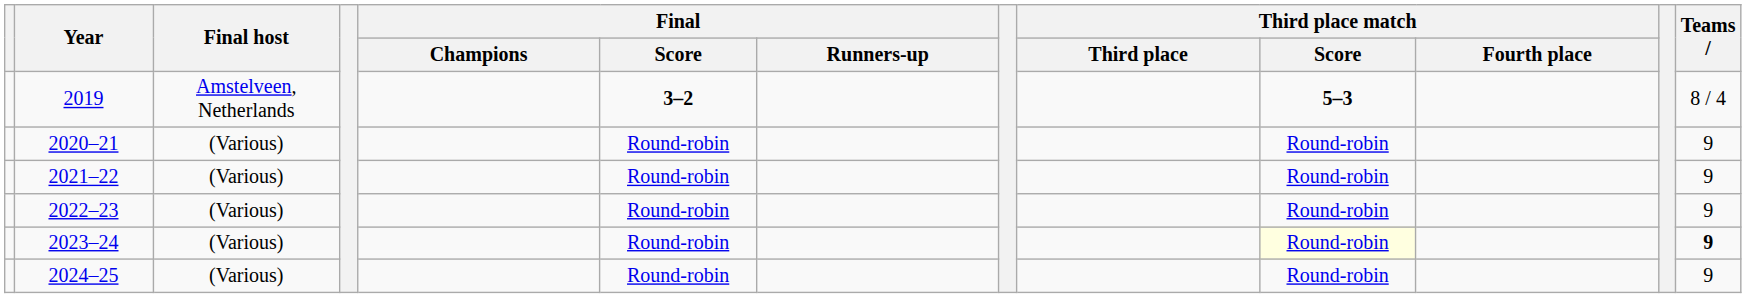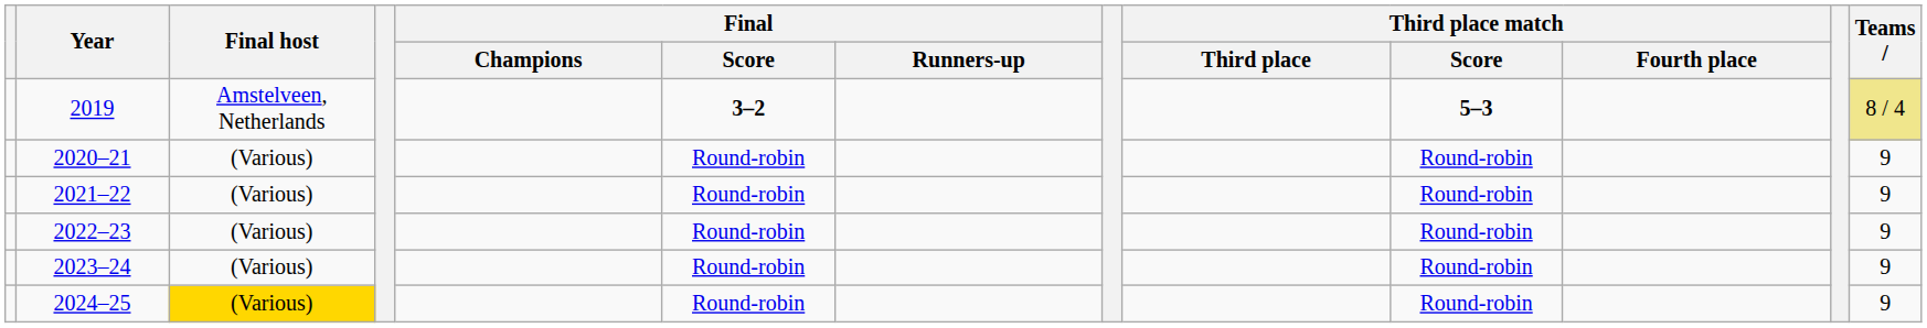 <table class="wikitable" style="font-size:90%; width: %; text-align: center;">
 <tr>
 <th rowspan="2" width=" %"></th>
 <th rowspan="2" width="8%">Year</th>
 <th rowspan="2" width=" %">Final host</th>
 <th rowspan="8" width="1%"></th>
 <th colspan="3">Final</th>
 <th rowspan="8" width="1%"></th>
 <th colspan="3">Third place match</th>
 <th rowspan="8" width="1%"></th>
 <th rowspan="2" width=" %">Teams<br> / </th>
 </tr>
 <tr>
 <th width=14%>Champions</th>
 <th width=9%>Score</th>
 <th width=14%>Runners-up</th>
 <th width=14%>Third place</th>
 <th width=9%>Score</th>
 <th width=14%>Fourth place</th>
 </tr>
 <tr>
 <td></td>
 <td><a href='#'>2019</a></td>
 <td><a href='#'>Amstelveen</a>, Netherlands</td>
 <td><strong></strong></td>
 <td><strong>3–2</strong></td>
 <td></td>
 <td></td>
 <td><strong>5–3</strong></td>
 <td></td>
-<td>8 / 4</td>
+<td style="background: khaki;">8 / 4</td>
 </tr>
 <tr>
 <td></td>
 <td><a href='#'>2020–21</a></td>
 <td>(Various)</td>
 <td><strong></strong></td>
 <td><a href='#'>Round-robin</a></td>
 <td></td>
 <td></td>
 <td><a href='#'>Round-robin</a></td>
 <td></td>
 <td>9</td>
 </tr>
 <tr>
 <td></td>
 <td><a href='#'>2021–22</a></td>
 <td>(Various)</td>
 <td><strong></strong></td>
 <td><a href='#'>Round-robin</a></td>
 <td></td>
 <td></td>
 <td><a href='#'>Round-robin</a></td>
 <td></td>
 <td>9</td>
 </tr>
 <tr>
 <td></td>
 <td><a href='#'>2022–23</a></td>
 <td>(Various)</td>
 <td><strong></strong></td>
 <td><a href='#'>Round-robin</a></td>
 <td></td>
 <td></td>
 <td><a href='#'>Round-robin</a></td>
 <td></td>
 <td>9</td>
 </tr>
 <tr>
 <td></td>
 <td><a href='#'>2023–24</a></td>
 <td>(Various)</td>
 <td><strong></strong></td>
 <td><a href='#'>Round-robin</a></td>
 <td></td>
 <td></td>
-<td style="background: lightyellow;"><a href='#'>Round-robin</a></td>
+<td><a href='#'>Round-robin</a></td>
 <td></td>
-<td><strong>9</strong></td>
+<td>9</td>
 </tr>
 <tr>
 <td></td>
 <td><a href='#'>2024–25</a></td>
-<td>(Various)</td>
+<td style="background: gold;">(Various)</td>
 <td></td>
 <td><a href='#'>Round-robin</a></td>
 <td></td>
 <td></td>
 <td><a href='#'>Round-robin</a></td>
 <td></td>
 <td>9</td>
 </tr>
 </table>
